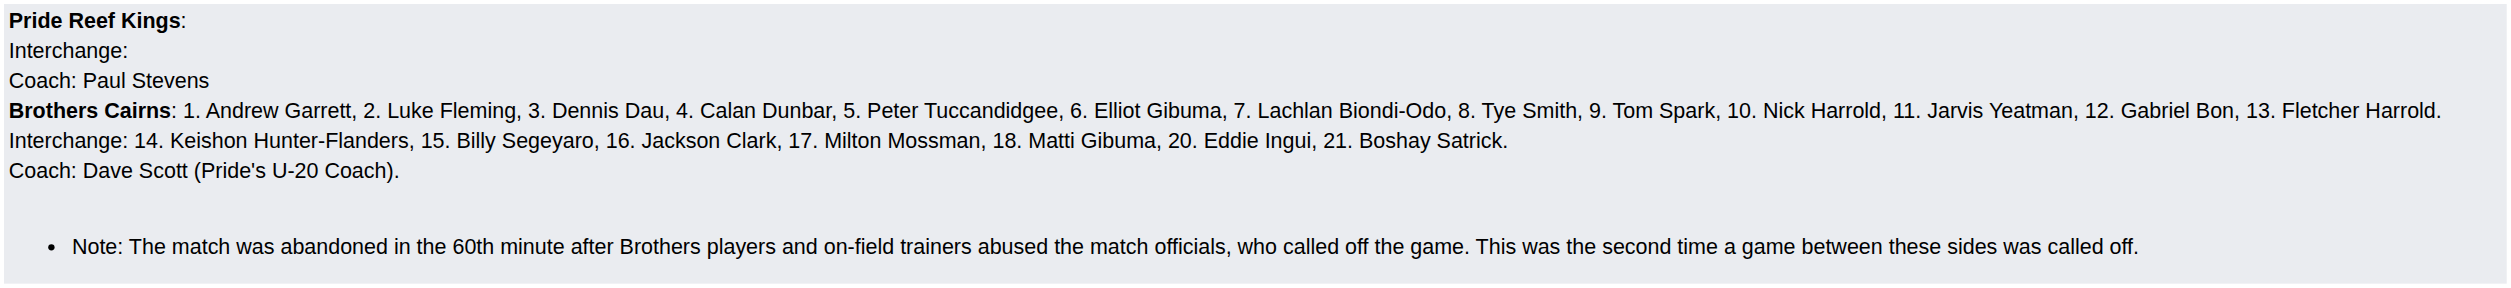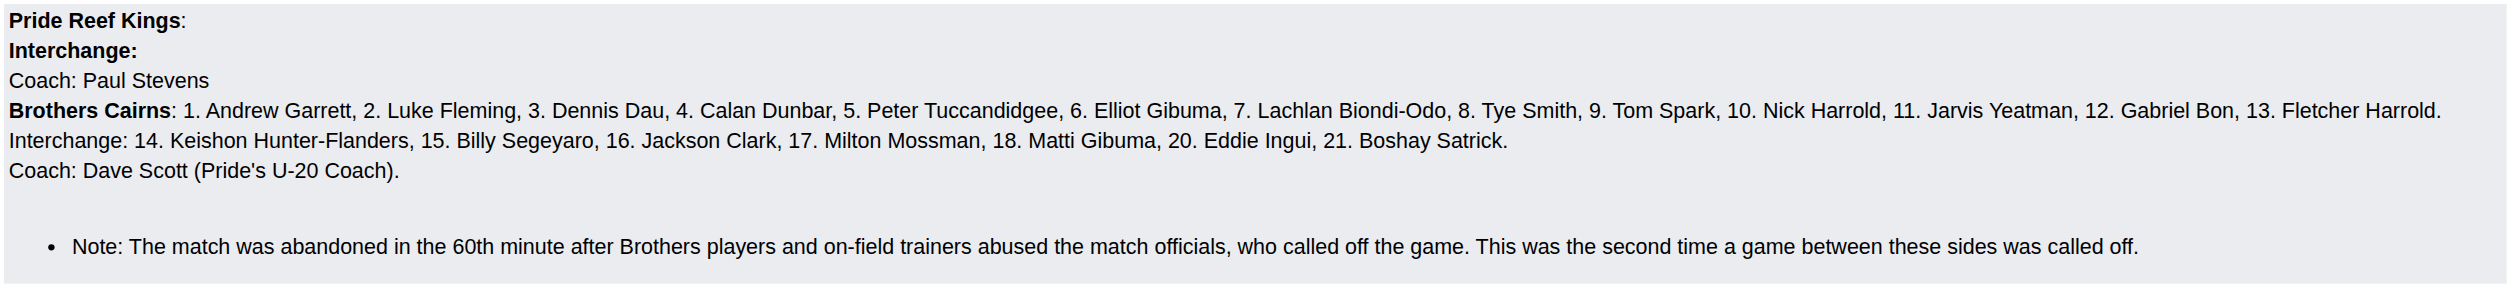 <table style="background:#eaecf0; font-size:85%; width:100%;">
 <tr>
 <td><strong> Pride Reef Kings</strong>:             </td>
 </tr>
 <tr>
-<td>Interchange:    </td>
+<td><strong>Interchange:    </strong></td>
 </tr>
 <tr>
 <td>Coach: Paul Stevens</td>
 </tr>
 <tr>
 <td><strong>Brothers Cairns</strong>: 1. Andrew Garrett, 2. Luke Fleming, 3. Dennis Dau, 4. Calan Dunbar, 5. Peter Tuccandidgee, 6. Elliot Gibuma, 7. Lachlan Biondi-Odo, 8. Tye Smith, 9. Tom Spark, 10. Nick Harrold, 11. Jarvis Yeatman, 12. Gabriel Bon, 13. Fletcher  Harrold.</td>
 </tr>
 <tr>
 <td>Interchange:  14. Keishon Hunter-Flanders, 15. Billy Segeyaro, 16. Jackson Clark, 17. Milton Mossman, 18. Matti Gibuma, 20. Eddie Ingui, 21. Boshay Satrick.</td>
 </tr>
 <tr>
 <td>Coach:  Dave Scott (Pride's U-20 Coach).</td>
 </tr>
 <tr>
 <td><br><ul><li>Note: The match was abandoned in the 60th minute after Brothers players and on-field trainers abused the match officials, who called off the game. This was the second time a game between these sides was called off.</li></ul></td>
 </tr>
 </table>
